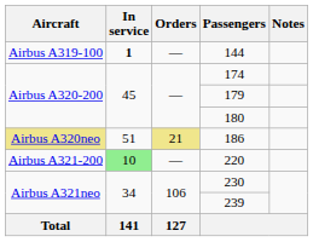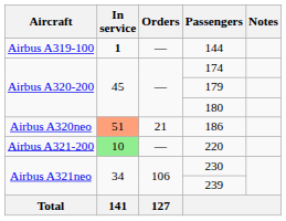 <table class="wikitable" style="margin:0.5em auto; text-align:center">
 <tr>
 <th>Aircraft</th>
 <th>In<br>service</th>
 <th>Orders</th>
 <th>Passengers</th>
 <th>Notes</th>
 </tr>
 <tr>
 <td><a href='#'>Airbus A319-100</a></td>
 <td><strong>1</strong></td>
 <td>—</td>
 <td>144</td>
 <td></td>
 </tr>
 <tr>
 <td rowspan="3"><a href='#'>Airbus A320-200</a></td>
 <td rowspan="3">45</td>
 <td rowspan="3">—</td>
 <td>174</td>
 <td></td>
 </tr>
 <tr>
 <td>179</td>
 <td></td>
 </tr>
 <tr>
 <td>180</td>
 <td></td>
 </tr>
 <tr>
-<td style="background: khaki;"><a href='#'>Airbus A320neo</a></td>
-<td>51</td>
-<td style="background: khaki;">21</td>
+<td><a href='#'>Airbus A320neo</a></td>
+<td style="background: lightsalmon;">51</td>
+<td>21</td>
 <td>186</td>
 <td></td>
 </tr>
 <tr>
 <td><a href='#'>Airbus A321-200</a></td>
 <td style="background: lightgreen;">10</td>
 <td>—</td>
 <td>220</td>
 <td></td>
 </tr>
 <tr>
 <td rowspan="2"><a href='#'>Airbus A321neo</a></td>
 <td rowspan="2">34</td>
 <td rowspan="2">106</td>
 <td>230</td>
 <td rowspan="2"></td>
 </tr>
 <tr>
 <td>239</td>
 </tr>
 <tr>
 <th>Total</th>
 <th>141</th>
 <th>127</th>
 <th colspan="2"></th>
 </tr>
 </table>
